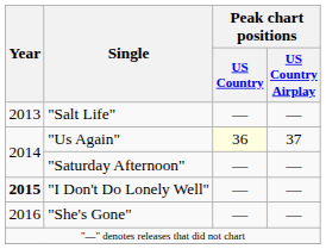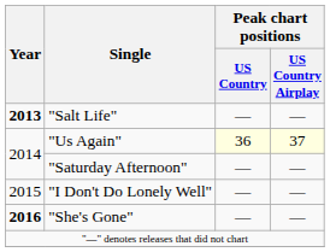 <table class="wikitable" style="text-align:center;">
 <tr>
 <th rowspan="2">Year</th>
 <th rowspan="2">Single</th>
 <th colspan="2">Peak chart<br>positions</th>
 </tr>
 <tr style="font-size:smaller;">
 <th width="45"><a href='#'>US Country</a><br></th>
 <th width="45"><a href='#'>US Country Airplay</a><br></th>
 </tr>
 <tr>
-<td>2013</td>
+<td><strong>2013</strong></td>
 <td align="left">"Salt Life"</td>
 <td>—</td>
 <td>—</td>
 </tr>
 <tr>
 <td rowspan="2">2014</td>
 <td align="left">"Us Again"</td>
 <td style="background: lightyellow;">36</td>
-<td>37</td>
+<td style="background: lightyellow;">37</td>
 </tr>
 <tr>
 <td align="left">"Saturday Afternoon"</td>
 <td>—</td>
 <td>—</td>
 </tr>
 <tr>
-<td><strong>2015</strong></td>
+<td>2015</td>
 <td align="left">"I Don't Do Lonely Well"</td>
 <td>—</td>
 <td>—</td>
 </tr>
 <tr>
-<td>2016</td>
+<td><strong>2016</strong></td>
 <td align="left">"She's Gone"</td>
 <td>—</td>
 <td>—</td>
 </tr>
 <tr>
 <td colspan="4" style="font-size:8pt">"—" denotes releases that did not chart</td>
 </tr>
 <tr>
 </tr>
 </table>
